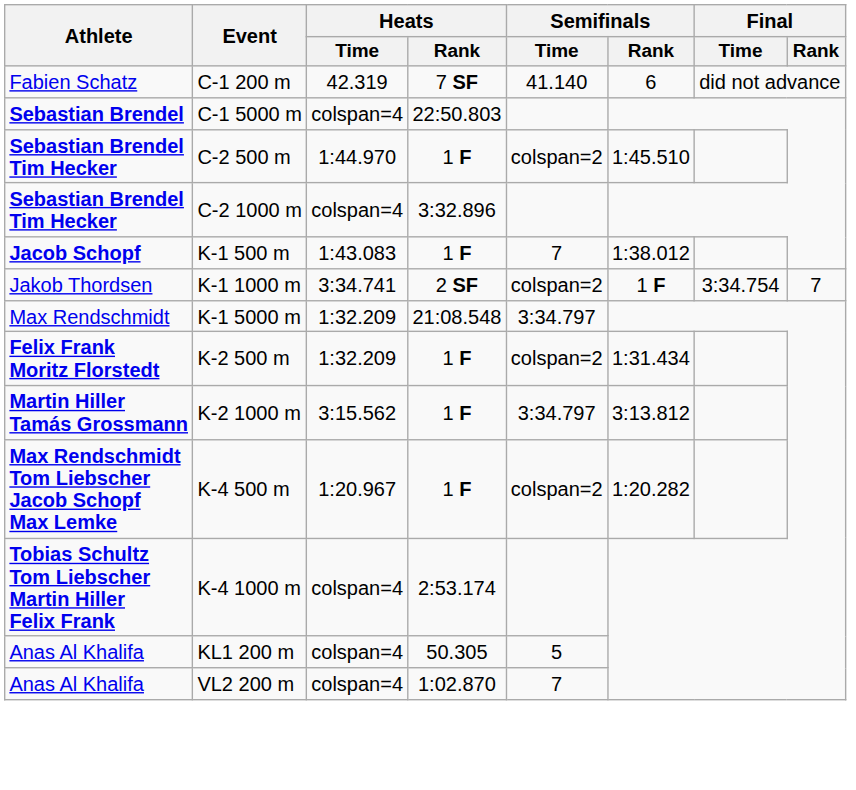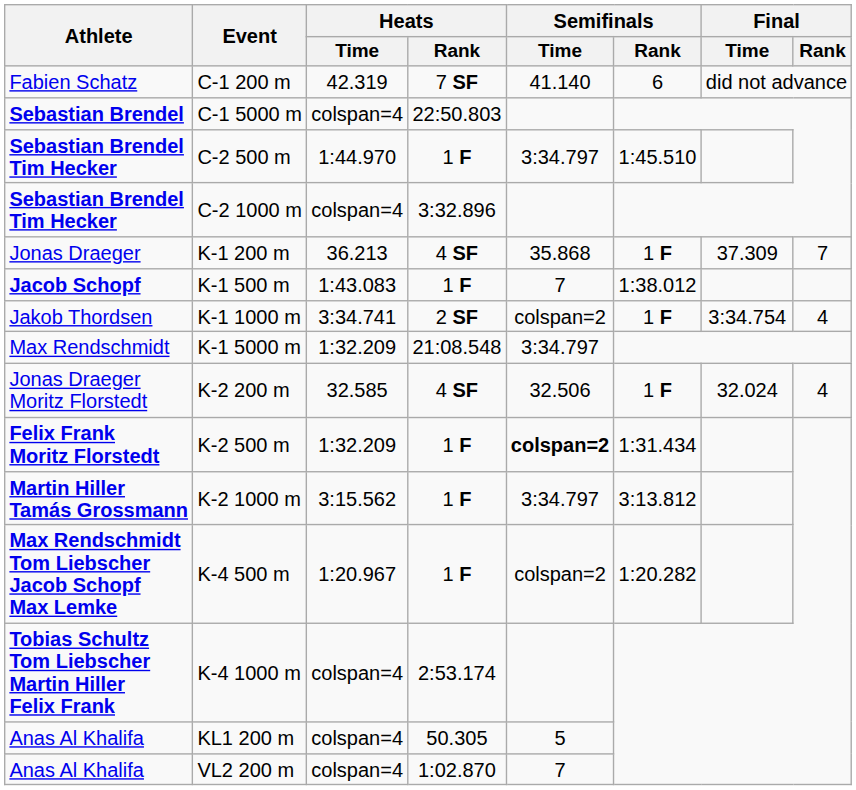 <table class=wikitable style="font-size:90%">
 <tr>
 <th rowspan="2">Athlete</th>
 <th rowspan="2">Event</th>
 <th colspan=2>Heats</th>
 <th colspan=2>Semifinals</th>
 <th colspan=2>Final</th>
 </tr>
 <tr style="font-size:95%">
 <th>Time</th>
 <th>Rank</th>
 <th>Time</th>
 <th>Rank</th>
 <th>Time</th>
 <th>Rank</th>
 </tr>
 <tr align=center>
 <td align=left><a href='#'>Fabien Schatz</a></td>
 <td align=left>C-1 200 m</td>
 <td>42.319</td>
 <td>7 <strong>SF</strong></td>
 <td>41.140</td>
 <td>6</td>
 <td colspan=2>did not advance</td>
 </tr>
 <tr align=center>
 <td align=left><strong><a href='#'>Sebastian Brendel</a></strong></td>
 <td align=left>C-1 5000 m</td>
 <td>colspan=4</td>
 <td>22:50.803</td>
 <td></td>
 </tr>
 <tr align=center>
 <td align=left><strong><a href='#'>Sebastian Brendel</a><br><a href='#'>Tim Hecker</a></strong></td>
 <td align=left>C-2 500 m</td>
 <td>1:44.970</td>
 <td>1 <strong>F</strong></td>
-<td>colspan=2</td>
+<td>3:34.797</td>
 <td>1:45.510</td>
 <td></td>
 </tr>
 <tr align=center>
 <td align=left><strong><a href='#'>Sebastian Brendel</a><br><a href='#'>Tim Hecker</a></strong></td>
 <td align=left>C-2 1000 m</td>
 <td>colspan=4</td>
 <td>3:32.896</td>
 <td></td>
+</tr>
+<tr align=center>
+<td align=left><a href='#'>Jonas Draeger</a></td>
+<td align=left>K-1 200 m</td>
+<td>36.213</td>
+<td>4 <strong>SF</strong></td>
+<td>35.868</td>
+<td>1 <strong>F</strong></td>
+<td>37.309</td>
+<td>7</td>
 </tr>
 <tr align=center>
 <td align=left><strong><a href='#'>Jacob Schopf</a></strong></td>
 <td align=left>K-1 500 m</td>
 <td>1:43.083</td>
 <td>1 <strong>F</strong></td>
 <td>7</td>
 <td>1:38.012</td>
 <td></td>
 </tr>
 <tr align=center>
 <td align=left><a href='#'>Jakob Thordsen</a></td>
 <td align=left>K-1 1000 m</td>
 <td>3:34.741</td>
 <td>2 <strong>SF</strong></td>
 <td>colspan=2</td>
 <td>1 <strong>F</strong></td>
 <td>3:34.754</td>
-<td>7</td>
+<td>4</td>
 </tr>
 <tr align=center>
 <td align=left><a href='#'>Max Rendschmidt</a></td>
 <td align=left>K-1 5000 m</td>
 <td>1:32.209</td>
 <td>21:08.548</td>
 <td>3:34.797</td>
 </tr>
 <tr align=center>
+<td align=left><a href='#'>Jonas Draeger</a><br><a href='#'>Moritz Florstedt</a></td>
+<td align=left>K-2 200 m</td>
+<td>32.585</td>
+<td>4 <strong>SF</strong></td>
+<td>32.506</td>
+<td>1 <strong>F</strong></td>
+<td>32.024</td>
+<td>4</td>
+</tr>
+<tr align=center>
 <td align=left><strong><a href='#'>Felix Frank</a><br><a href='#'>Moritz Florstedt</a></strong></td>
 <td align=left>K-2 500 m</td>
 <td>1:32.209</td>
 <td>1 <strong>F</strong></td>
-<td>colspan=2</td>
+<td><strong>colspan=2</strong></td>
 <td>1:31.434</td>
 <td></td>
 </tr>
 <tr align=center>
 <td align=left><strong><a href='#'>Martin Hiller</a><br><a href='#'>Tamás Grossmann</a></strong></td>
 <td align=left>K-2 1000 m</td>
 <td>3:15.562</td>
 <td>1 <strong>F</strong></td>
 <td>3:34.797</td>
 <td>3:13.812</td>
 <td></td>
 </tr>
 <tr align=center>
 <td align=left><strong><a href='#'>Max Rendschmidt</a><br><a href='#'>Tom Liebscher</a><br><a href='#'>Jacob Schopf</a><br><a href='#'>Max Lemke</a></strong></td>
 <td align=left>K-4 500 m</td>
 <td>1:20.967</td>
 <td>1 <strong>F</strong></td>
 <td>colspan=2</td>
 <td>1:20.282</td>
 <td></td>
 </tr>
 <tr align=center>
 <td align=left><strong><a href='#'>Tobias Schultz</a><br><a href='#'>Tom Liebscher</a><br><a href='#'>Martin Hiller</a><br><a href='#'>Felix Frank</a></strong></td>
 <td align=left>K-4 1000 m</td>
 <td>colspan=4</td>
 <td>2:53.174</td>
 <td></td>
 </tr>
 <tr align=center>
 <td align=left><a href='#'>Anas Al Khalifa</a></td>
 <td align=left>KL1 200 m</td>
 <td>colspan=4</td>
 <td>50.305</td>
 <td>5</td>
 </tr>
 <tr align=center>
 <td align=left><a href='#'>Anas Al Khalifa</a></td>
 <td align=left>VL2 200 m</td>
 <td>colspan=4</td>
 <td>1:02.870</td>
 <td>7</td>
 </tr>
 </table>
